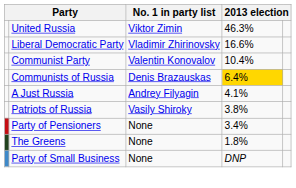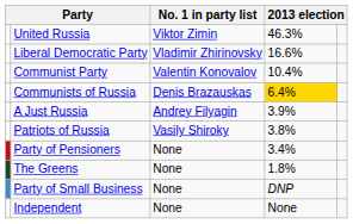 <table class="wikitable">
 <tr>
 <th style="text-align:center;" colspan="2">Party</th>
 <th style="text-align:center;">No. 1 in party list</th>
 <th style="text-align:center;" colspan=2>2013 election</th>
 </tr>
 <tr>
 <td style="background: "></td>
 <td><a href='#'>United Russia</a></td>
 <td><a href='#'>Viktor Zimin</a></td>
 <td>46.3%</td>
 <td></td>
 </tr>
 <tr>
 <td style="background: "></td>
 <td><a href='#'>Liberal Democratic Party</a></td>
 <td><a href='#'>Vladimir Zhirinovsky</a></td>
 <td>16.6%</td>
 <td></td>
 </tr>
 <tr>
 <td style="background: "></td>
 <td><a href='#'>Communist Party</a></td>
 <td><a href='#'>Valentin Konovalov</a></td>
 <td>10.4%</td>
 <td></td>
 </tr>
 <tr>
 <td style="background: "></td>
 <td><a href='#'>Communists of Russia</a></td>
 <td><a href='#'>Denis Brazauskas</a></td>
 <td style="background: gold;">6.4%</td>
 <td></td>
 </tr>
 <tr>
 <td style="background: "></td>
 <td><a href='#'>A Just Russia</a></td>
 <td><a href='#'>Andrey Filyagin</a></td>
-<td>4.1%</td>
+<td>3.9%</td>
 <td></td>
 </tr>
 <tr>
 <td style="background: "></td>
 <td><a href='#'>Patriots of Russia</a></td>
 <td><a href='#'>Vasily Shiroky</a></td>
 <td>3.8%</td>
 <td></td>
 </tr>
 <tr>
 <td style="background:#c50d13;"></td>
 <td><a href='#'>Party of Pensioners</a></td>
 <td>None</td>
 <td>3.4%</td>
 <td></td>
 </tr>
 <tr>
 <td style="background:#21421e;"></td>
 <td><a href='#'>The Greens</a></td>
 <td>None</td>
 <td>1.8%</td>
 <td></td>
 </tr>
 <tr>
 <td style="background:#3e89c9"></td>
 <td><a href='#'>Party of Small Business</a></td>
 <td>None</td>
 <td><em>DNP</em></td>
 <td></td>
 </tr>
+<tr>
+<td style="background: "></td>
+<td><a href='#'>Independent</a></td>
+<td>None</td>
+<td>None</td>
+<td></td>
+</tr>
 </table>
